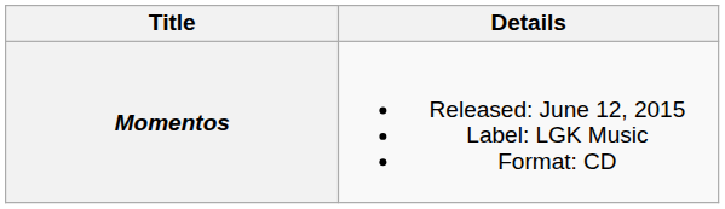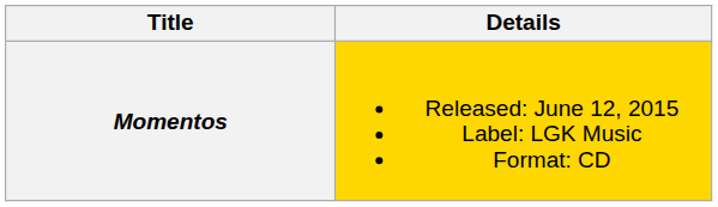 <table class="wikitable plainrowheaders" style="text-align:center;">
 <tr>
 <th scope="col" style="width:14em;">Title</th>
 <th scope="col" style="width:16em;">Details</th>
 </tr>
 <tr>
 <th scope="row"><em>Momentos </em></th>
-<td><br><ul><li>Released: June 12, 2015</li><li>Label: LGK Music</li><li>Format: CD</li></ul></td>
+<td style="background: gold;"><br><ul><li>Released: June 12, 2015</li><li>Label: LGK Music</li><li>Format: CD</li></ul></td>
 </tr>
 </table>
